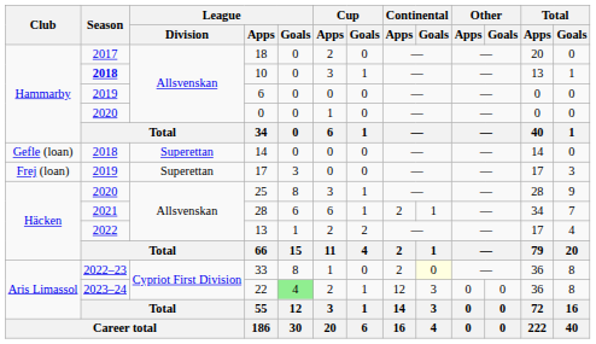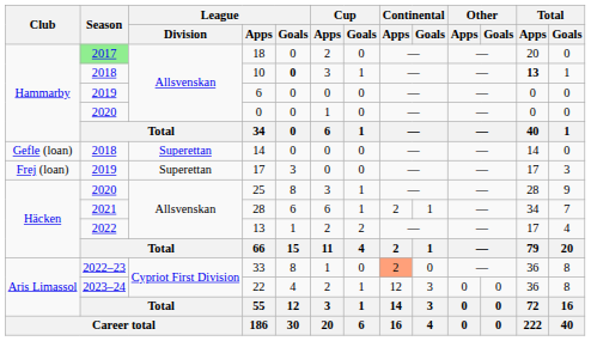 <table class="wikitable" style="text-align:center">
 <tr>
 <th rowspan="2">Club</th>
 <th rowspan="2">Season</th>
 <th colspan="3">League</th>
 <th colspan="2">Cup</th>
 <th colspan="2">Continental</th>
 <th colspan="2">Other</th>
 <th colspan="2">Total</th>
 </tr>
 <tr>
 <th>Division</th>
 <th>Apps</th>
 <th>Goals</th>
 <th>Apps</th>
 <th>Goals</th>
 <th>Apps</th>
 <th>Goals</th>
 <th>Apps</th>
 <th>Goals</th>
 <th>Apps</th>
 <th>Goals</th>
 </tr>
 <tr>
 <td rowspan="5"><a href='#'>Hammarby</a></td>
-<td><a href='#'>2017</a></td>
+<td style="background: lightgreen;"><a href='#'>2017</a></td>
 <td rowspan="4"><a href='#'>Allsvenskan</a></td>
 <td>18</td>
 <td>0</td>
 <td>2</td>
 <td>0</td>
 <td colspan="2">—</td>
 <td colspan="2">—</td>
 <td>20</td>
 <td>0</td>
 </tr>
 <tr>
-<td><strong><a href='#'>2018</a></strong></td>
+<td><a href='#'>2018</a></td>
 <td>10</td>
-<td>0</td>
+<td><strong>0</strong></td>
 <td>3</td>
 <td>1</td>
 <td colspan="2">—</td>
 <td colspan="2">—</td>
-<td>13</td>
+<td><strong>13</strong></td>
 <td>1</td>
 </tr>
 <tr>
 <td><a href='#'>2019</a></td>
 <td>6</td>
 <td>0</td>
 <td>0</td>
 <td>0</td>
 <td colspan="2">—</td>
 <td colspan="2">—</td>
 <td>0</td>
 <td>0</td>
 </tr>
 <tr>
 <td><a href='#'>2020</a></td>
 <td>0</td>
 <td>0</td>
 <td>1</td>
 <td>0</td>
 <td colspan="2">—</td>
 <td colspan="2">—</td>
 <td>0</td>
 <td>0</td>
 </tr>
 <tr>
 <th colspan="2">Total</th>
 <th>34</th>
 <th>0</th>
 <th>6</th>
 <th>1</th>
 <th colspan="2">—</th>
 <th colspan="2">—</th>
 <th>40</th>
 <th>1</th>
 </tr>
 <tr>
 <td><a href='#'>Gefle</a> (loan)</td>
 <td><a href='#'>2018</a></td>
 <td><a href='#'>Superettan</a></td>
 <td>14</td>
 <td>0</td>
 <td>0</td>
 <td>0</td>
 <td colspan="2">—</td>
 <td colspan="2">—</td>
 <td>14</td>
 <td>0</td>
 </tr>
 <tr>
 <td><a href='#'>Frej</a> (loan)</td>
 <td><a href='#'>2019</a></td>
 <td>Superettan</td>
 <td>17</td>
 <td>3</td>
 <td>0</td>
 <td>0</td>
 <td colspan="2">—</td>
 <td colspan="2">—</td>
 <td>17</td>
 <td>3</td>
 </tr>
 <tr>
 <td rowspan="4"><a href='#'>Häcken</a></td>
 <td><a href='#'>2020</a></td>
 <td rowspan="3">Allsvenskan</td>
 <td>25</td>
 <td>8</td>
 <td>3</td>
 <td>1</td>
 <td colspan="2">—</td>
 <td colspan="2">—</td>
 <td>28</td>
 <td>9</td>
 </tr>
 <tr>
 <td><a href='#'>2021</a></td>
 <td>28</td>
 <td>6</td>
 <td>6</td>
 <td>1</td>
 <td>2</td>
 <td>1</td>
 <td colspan="2">—</td>
 <td>34</td>
 <td>7</td>
 </tr>
 <tr>
 <td><a href='#'>2022</a></td>
 <td>13</td>
 <td>1</td>
 <td>2</td>
 <td>2</td>
 <td colspan="2">—</td>
 <td colspan="2">—</td>
 <td>17</td>
 <td>4</td>
 </tr>
 <tr>
 <th colspan="2">Total</th>
 <th>66</th>
 <th>15</th>
 <th>11</th>
 <th>4</th>
 <th>2</th>
 <th>1</th>
 <th colspan="2">—</th>
 <th>79</th>
 <th>20</th>
 </tr>
 <tr>
 <td rowspan="3"><a href='#'>Aris Limassol</a></td>
 <td><a href='#'>2022–23</a></td>
 <td rowspan="2"><a href='#'>Cypriot First Division</a></td>
 <td>33</td>
 <td>8</td>
 <td>1</td>
 <td>0</td>
-<td>2</td>
-<td style="background: lightyellow;">0</td>
+<td style="background: lightsalmon;">2</td>
+<td>0</td>
 <td colspan="2">—</td>
 <td>36</td>
 <td>8</td>
 </tr>
 <tr>
 <td><a href='#'>2023–24</a></td>
 <td>22</td>
-<td style="background: lightgreen;">4</td>
+<td>4</td>
 <td>2</td>
 <td>1</td>
 <td>12</td>
 <td>3</td>
 <td>0</td>
 <td>0</td>
 <td>36</td>
 <td>8</td>
 </tr>
 <tr>
 <th colspan="2">Total</th>
 <th>55</th>
 <th>12</th>
 <th>3</th>
 <th>1</th>
 <th>14</th>
 <th>3</th>
 <th>0</th>
 <th>0</th>
 <th>72</th>
 <th>16</th>
 </tr>
 <tr>
 <th colspan="3">Career total</th>
 <th>186</th>
 <th>30</th>
 <th>20</th>
 <th>6</th>
 <th>16</th>
 <th>4</th>
 <th>0</th>
 <th>0</th>
 <th>222</th>
 <th>40</th>
 </tr>
 </table>
